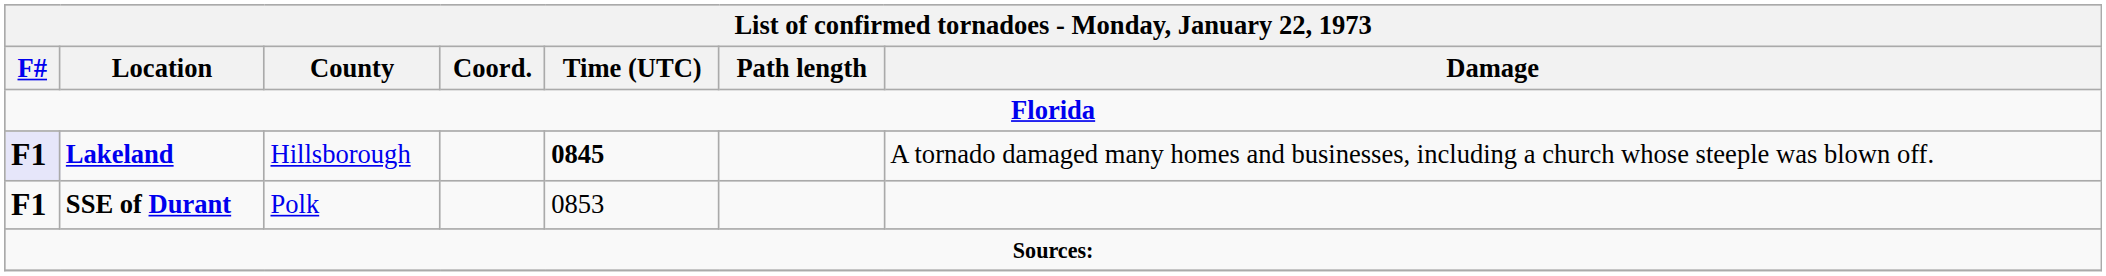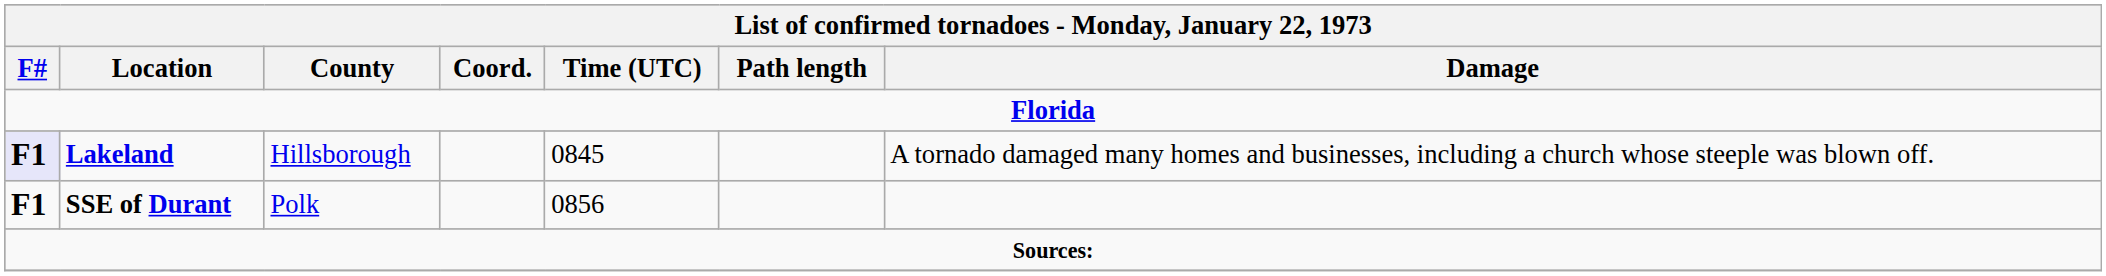 <table class="wikitable collapsible" width="100%">
 <tr>
 <th colspan="7">List of confirmed tornadoes - Monday, January 22, 1973</th>
 </tr>
 <tr>
 <th><a href='#'>F#</a></th>
 <th>Location</th>
 <th>County</th>
 <th>Coord.</th>
 <th>Time (UTC)</th>
 <th>Path length</th>
 <th>Damage</th>
 </tr>
 <tr>
 <td colspan="7" align=center><strong><a href='#'>Florida</a></strong></td>
 </tr>
 <tr>
 <td style="background: lavender;"><big><strong>F1</strong></big></td>
 <td><strong><a href='#'>Lakeland</a></strong></td>
 <td><a href='#'>Hillsborough</a></td>
 <td></td>
-<td><strong>0845</strong></td>
+<td>0845</td>
 <td></td>
 <td>A tornado damaged many homes and businesses, including a church whose steeple was blown off.</td>
 </tr>
 <tr>
 <td><big><strong>F1</strong></big></td>
 <td><strong>SSE of <a href='#'>Durant</a></strong></td>
 <td><a href='#'>Polk</a></td>
 <td></td>
-<td>0853</td>
+<td>0856</td>
 <td></td>
 <td></td>
 </tr>
 <tr>
 <td colspan="7" align=center><small><strong>Sources:</strong> </small></td>
 </tr>
 <tr>
 </tr>
 </table>
